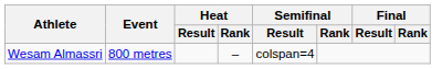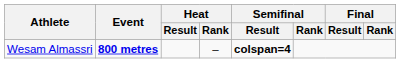 <table class="wikitable" style="font-size:90%">
 <tr>
 <th rowspan="2">Athlete</th>
 <th rowspan="2">Event</th>
 <th colspan="2">Heat</th>
 <th colspan="2">Semifinal</th>
 <th colspan="2">Final</th>
 </tr>
 <tr style="font-size:95%">
 <th>Result</th>
 <th>Rank</th>
 <th>Result</th>
 <th>Rank</th>
 <th>Result</th>
 <th>Rank</th>
 </tr>
 <tr style=text-align:center>
 <td style=text-align:left><a href='#'>Wesam Almassri</a></td>
-<td style=text-align:left><a href='#'>800 metres</a></td>
+<td style=text-align:left><strong><a href='#'>800 metres</a></strong></td>
 <td></td>
 <td>–</td>
-<td>colspan=4 </td>
+<td><strong>colspan=4 </strong></td>
 </tr>
 </table>
